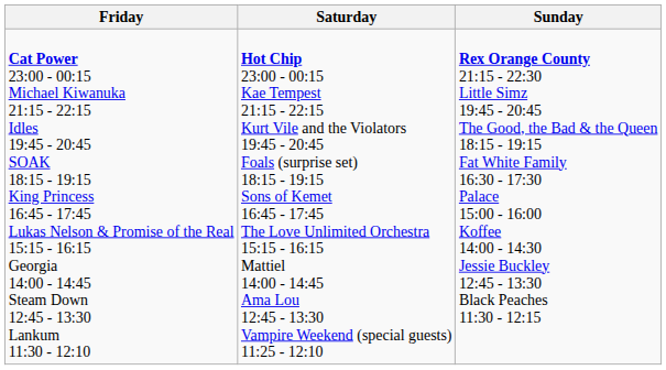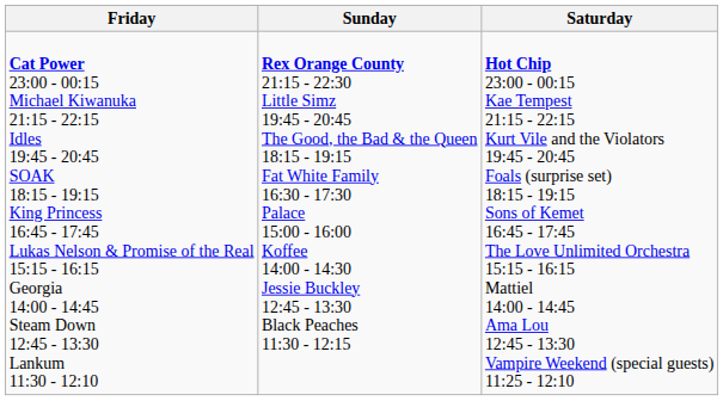 <table class="wikitable">
 <tr>
 <th>Friday</th>
+<th>Sunday</th>
 <th>Saturday</th>
-<th>Sunday</th>
 </tr>
 <tr valign="top">
 <td><br><strong><a href='#'>Cat Power</a></strong> <br>23:00 - 00:15 <br><a href='#'>Michael Kiwanuka</a> <br>21:15 - 22:15 <br><a href='#'>Idles</a> <br>19:45 - 20:45 <br><a href='#'>SOAK</a> <br>18:15 - 19:15 <br><a href='#'>King Princess</a> <br>16:45 - 17:45 <br><a href='#'>Lukas Nelson & Promise of the Real</a> <br>15:15 - 16:15 <br>Georgia <br>14:00 - 14:45 <br>Steam Down <br>12:45 - 13:30 <br>Lankum <br>11:30 - 12:10</td>
+<td><br><strong><a href='#'>Rex Orange County</a> </strong> <br>21:15 - 22:30 <br><a href='#'>Little Simz</a> <br>19:45 - 20:45 <br><a href='#'>The Good, the Bad & the Queen</a> <br>18:15 - 19:15 <br><a href='#'>Fat White Family</a> <br>16:30 - 17:30 <br><a href='#'>Palace</a> <br>15:00 - 16:00 <br><a href='#'>Koffee</a> <br>14:00 - 14:30 <br><a href='#'>Jessie Buckley</a> <br>12:45 - 13:30 <br>Black Peaches <br>11:30 - 12:15</td>
 <td><br><strong><a href='#'>Hot Chip</a></strong> <br>23:00 - 00:15 <br><a href='#'>Kae Tempest</a> <br>21:15 - 22:15 <br><a href='#'>Kurt Vile</a> and the Violators <br>19:45 - 20:45 <br><a href='#'> Foals</a> (surprise set)  <br>18:15 - 19:15 <br><a href='#'>Sons of Kemet</a> <br>16:45 - 17:45 <br><a href='#'>The Love Unlimited Orchestra</a> <br>15:15 - 16:15 <br>Mattiel <br>14:00 - 14:45 <br><a href='#'>Ama Lou</a> <br>12:45 - 13:30 <br><a href='#'>Vampire Weekend</a> (special guests)  <br>11:25 - 12:10</td>
-<td><br><strong><a href='#'>Rex Orange County</a> </strong> <br>21:15 - 22:30 <br><a href='#'>Little Simz</a> <br>19:45 - 20:45 <br><a href='#'>The Good, the Bad & the Queen</a> <br>18:15 - 19:15 <br><a href='#'>Fat White Family</a> <br>16:30 - 17:30 <br><a href='#'>Palace</a> <br>15:00 - 16:00 <br><a href='#'>Koffee</a> <br>14:00 - 14:30 <br><a href='#'>Jessie Buckley</a> <br>12:45 - 13:30 <br>Black Peaches <br>11:30 - 12:15</td>
 </tr>
 </table>
